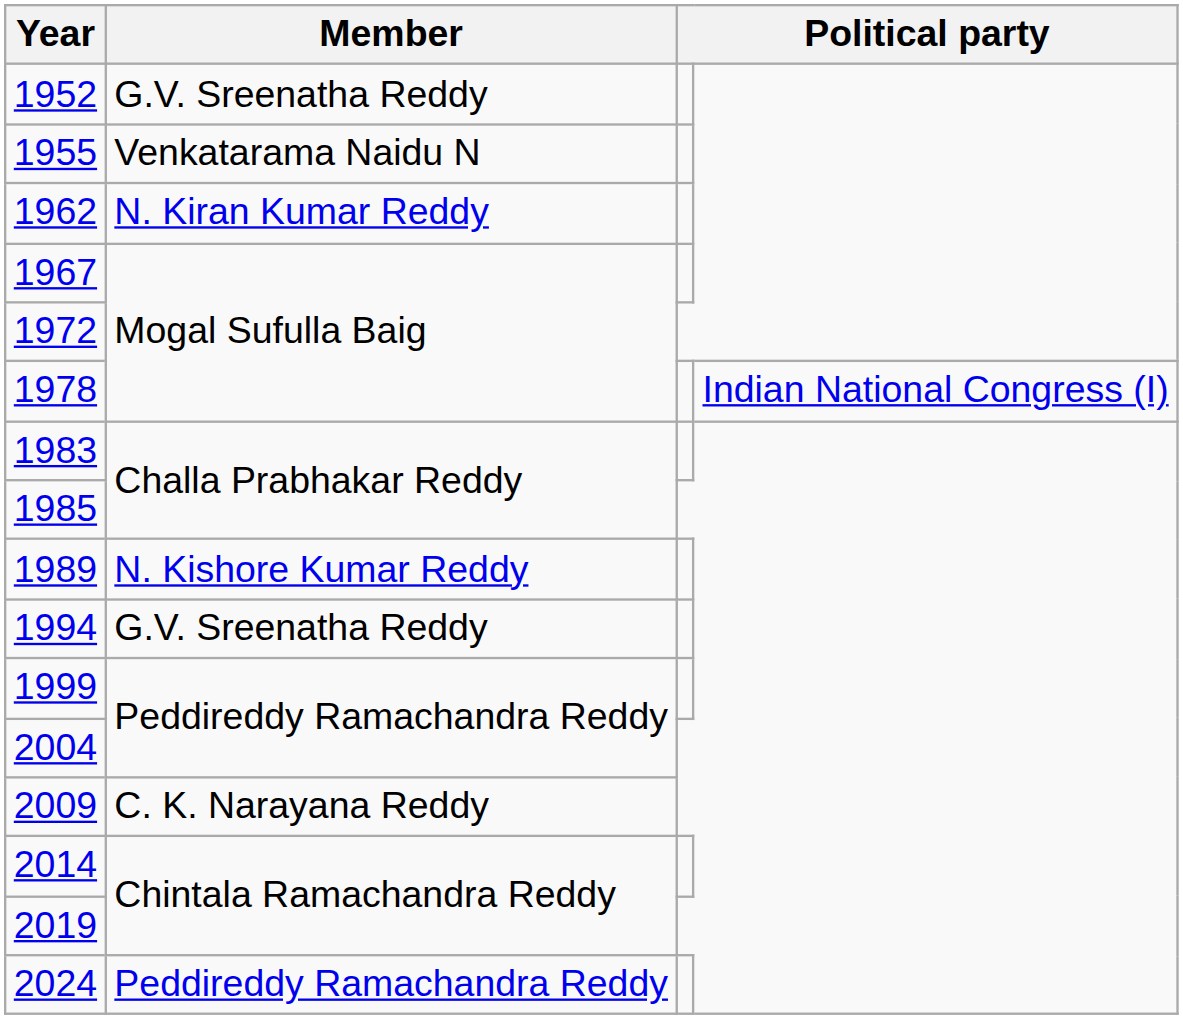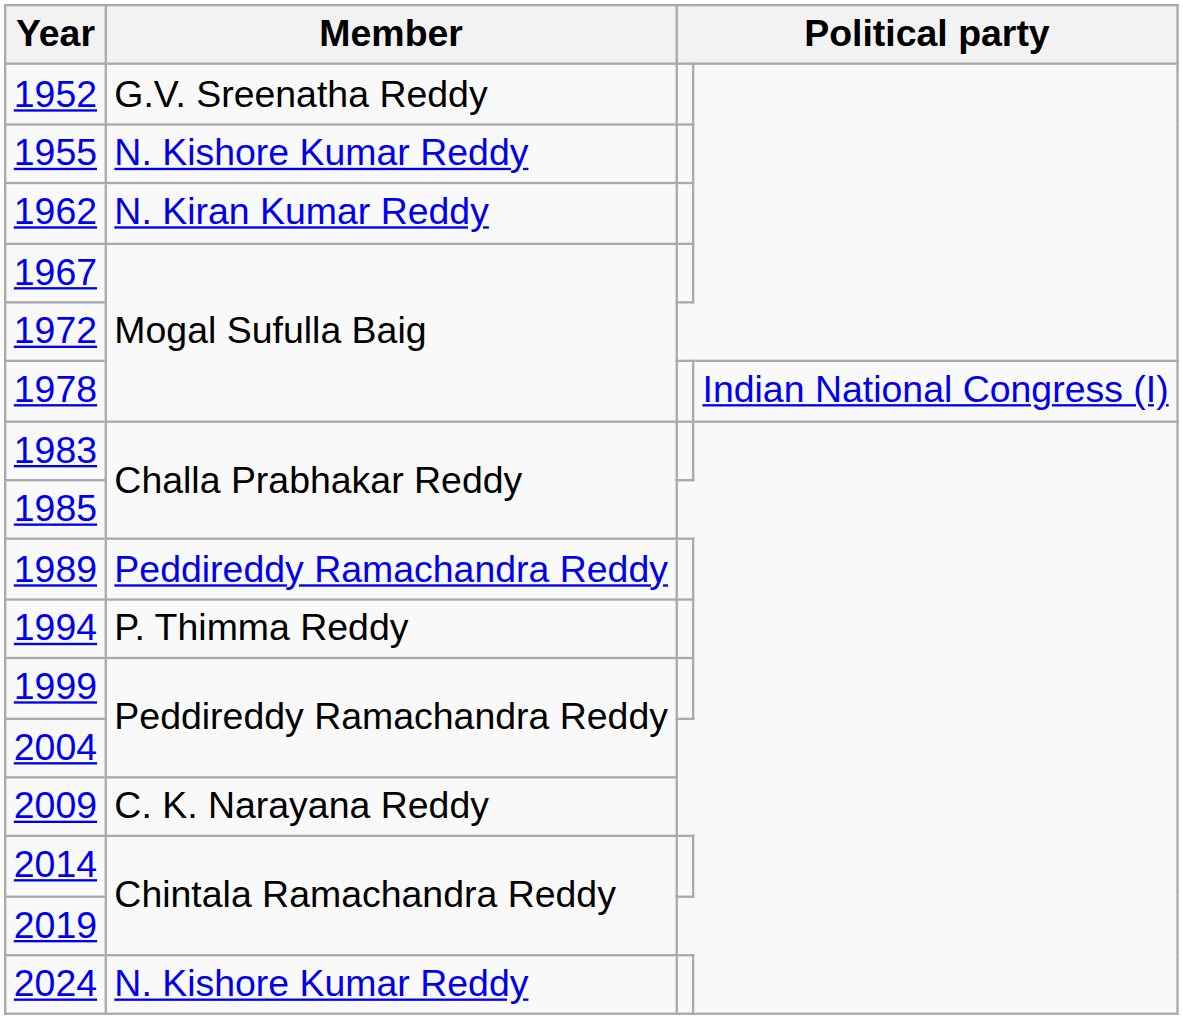 <table class="wikitable sortable">
 <tr>
 <th>Year</th>
 <th>Member</th>
 <th colspan="2">Political party</th>
 </tr>
 <tr>
 <td><a href='#'>1952</a></td>
 <td>G.V. Sreenatha Reddy</td>
 <td></td>
 </tr>
 <tr>
 <td><a href='#'>1955</a></td>
-<td>Venkatarama Naidu N</td>
+<td><a href='#'>N. Kishore Kumar Reddy</a></td>
 <td></td>
 </tr>
 <tr>
 <td><a href='#'>1962</a></td>
 <td><a href='#'>N. Kiran Kumar Reddy</a></td>
 <td></td>
 </tr>
 <tr>
 <td><a href='#'>1967</a></td>
 <td rowspan=3>Mogal Sufulla Baig</td>
 <td></td>
 </tr>
 <tr>
 <td><a href='#'>1972</a></td>
 </tr>
 <tr>
 <td><a href='#'>1978</a></td>
 <td style="background-color: "></td>
 <td><a href='#'>Indian National Congress (I)</a></td>
 </tr>
 <tr>
 <td><a href='#'>1983</a></td>
 <td rowspan=2>Challa Prabhakar Reddy</td>
 <td></td>
 </tr>
 <tr>
 <td><a href='#'>1985</a></td>
 </tr>
 <tr>
 <td><a href='#'>1989</a></td>
-<td><a href='#'>N. Kishore Kumar Reddy</a></td>
+<td><a href='#'>Peddireddy Ramachandra Reddy</a></td>
 <td></td>
 </tr>
 <tr>
 <td><a href='#'>1994</a></td>
-<td>G.V. Sreenatha Reddy</td>
+<td>P. Thimma Reddy</td>
 <td></td>
 </tr>
 <tr>
 <td><a href='#'>1999</a></td>
 <td rowspan=2>Peddireddy Ramachandra Reddy</td>
 <td></td>
 </tr>
 <tr>
 <td><a href='#'>2004</a></td>
 </tr>
 <tr>
 <td><a href='#'>2009</a></td>
 <td>C. K. Narayana Reddy</td>
 </tr>
 <tr>
 <td><a href='#'>2014</a></td>
 <td rowspan=2>Chintala Ramachandra Reddy</td>
 <td></td>
 </tr>
 <tr>
 <td><a href='#'>2019</a></td>
 </tr>
 <tr>
 <td><a href='#'>2024</a></td>
-<td><a href='#'>Peddireddy Ramachandra Reddy</a></td>
+<td><a href='#'>N. Kishore Kumar Reddy</a></td>
 <td></td>
 </tr>
 </table>
